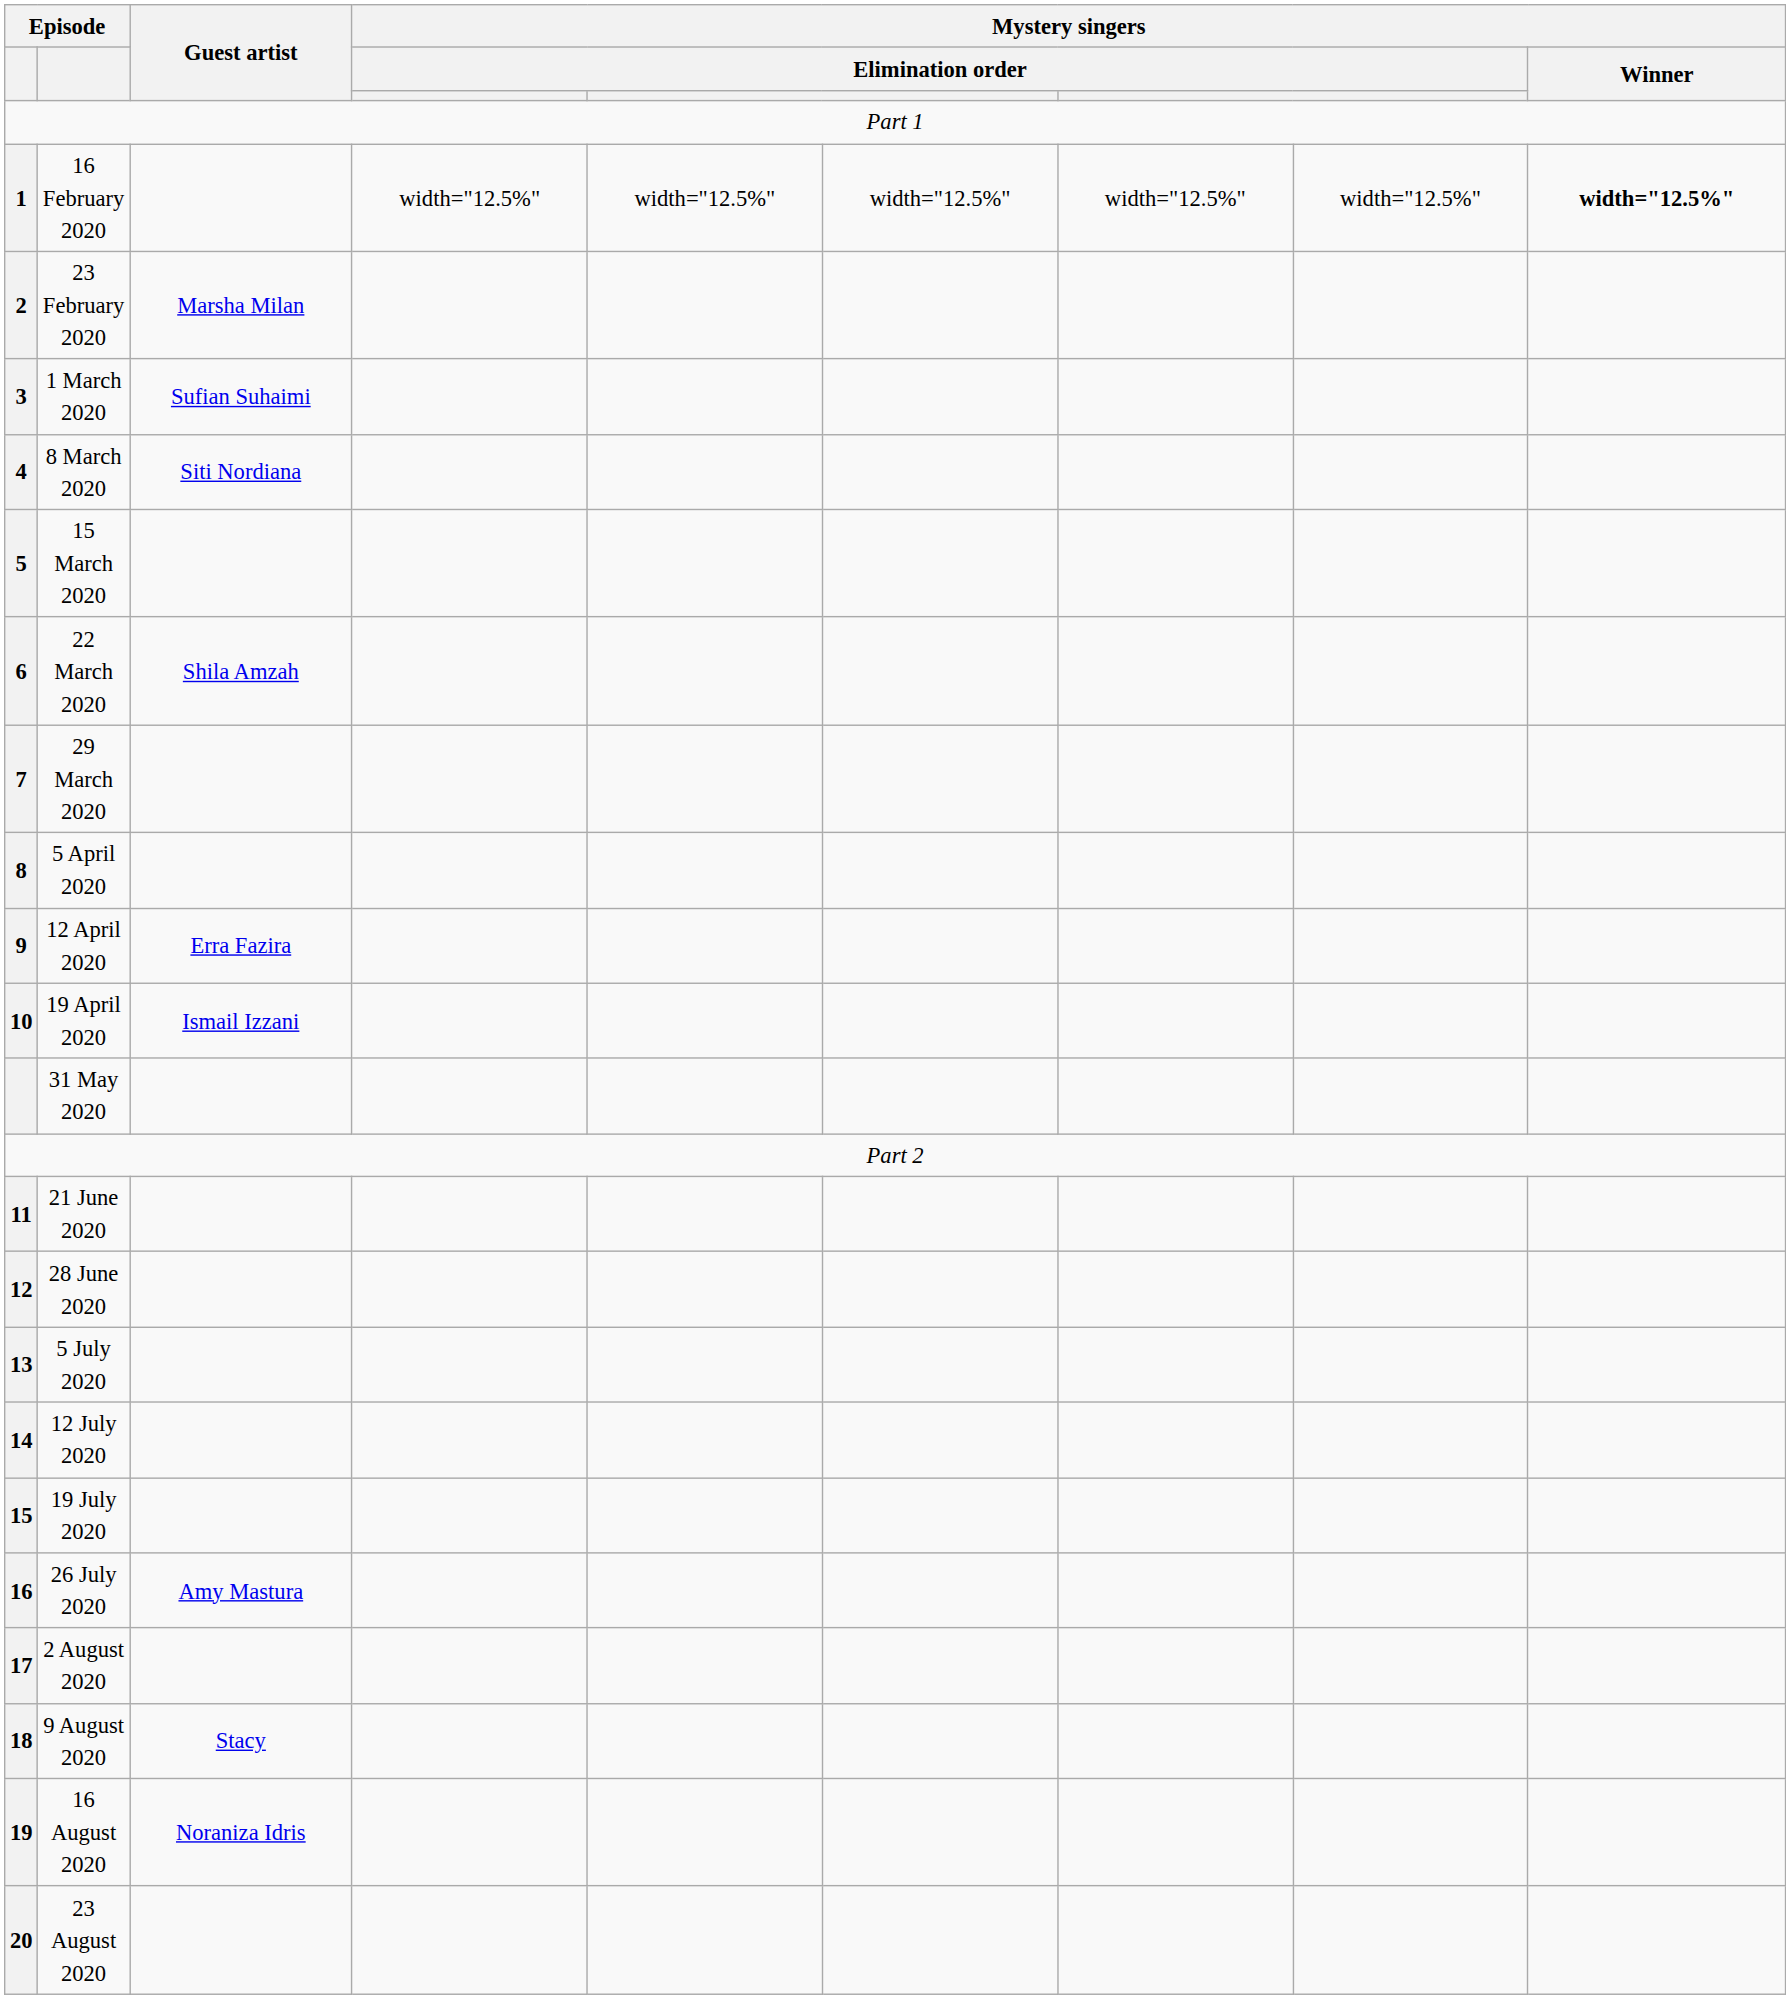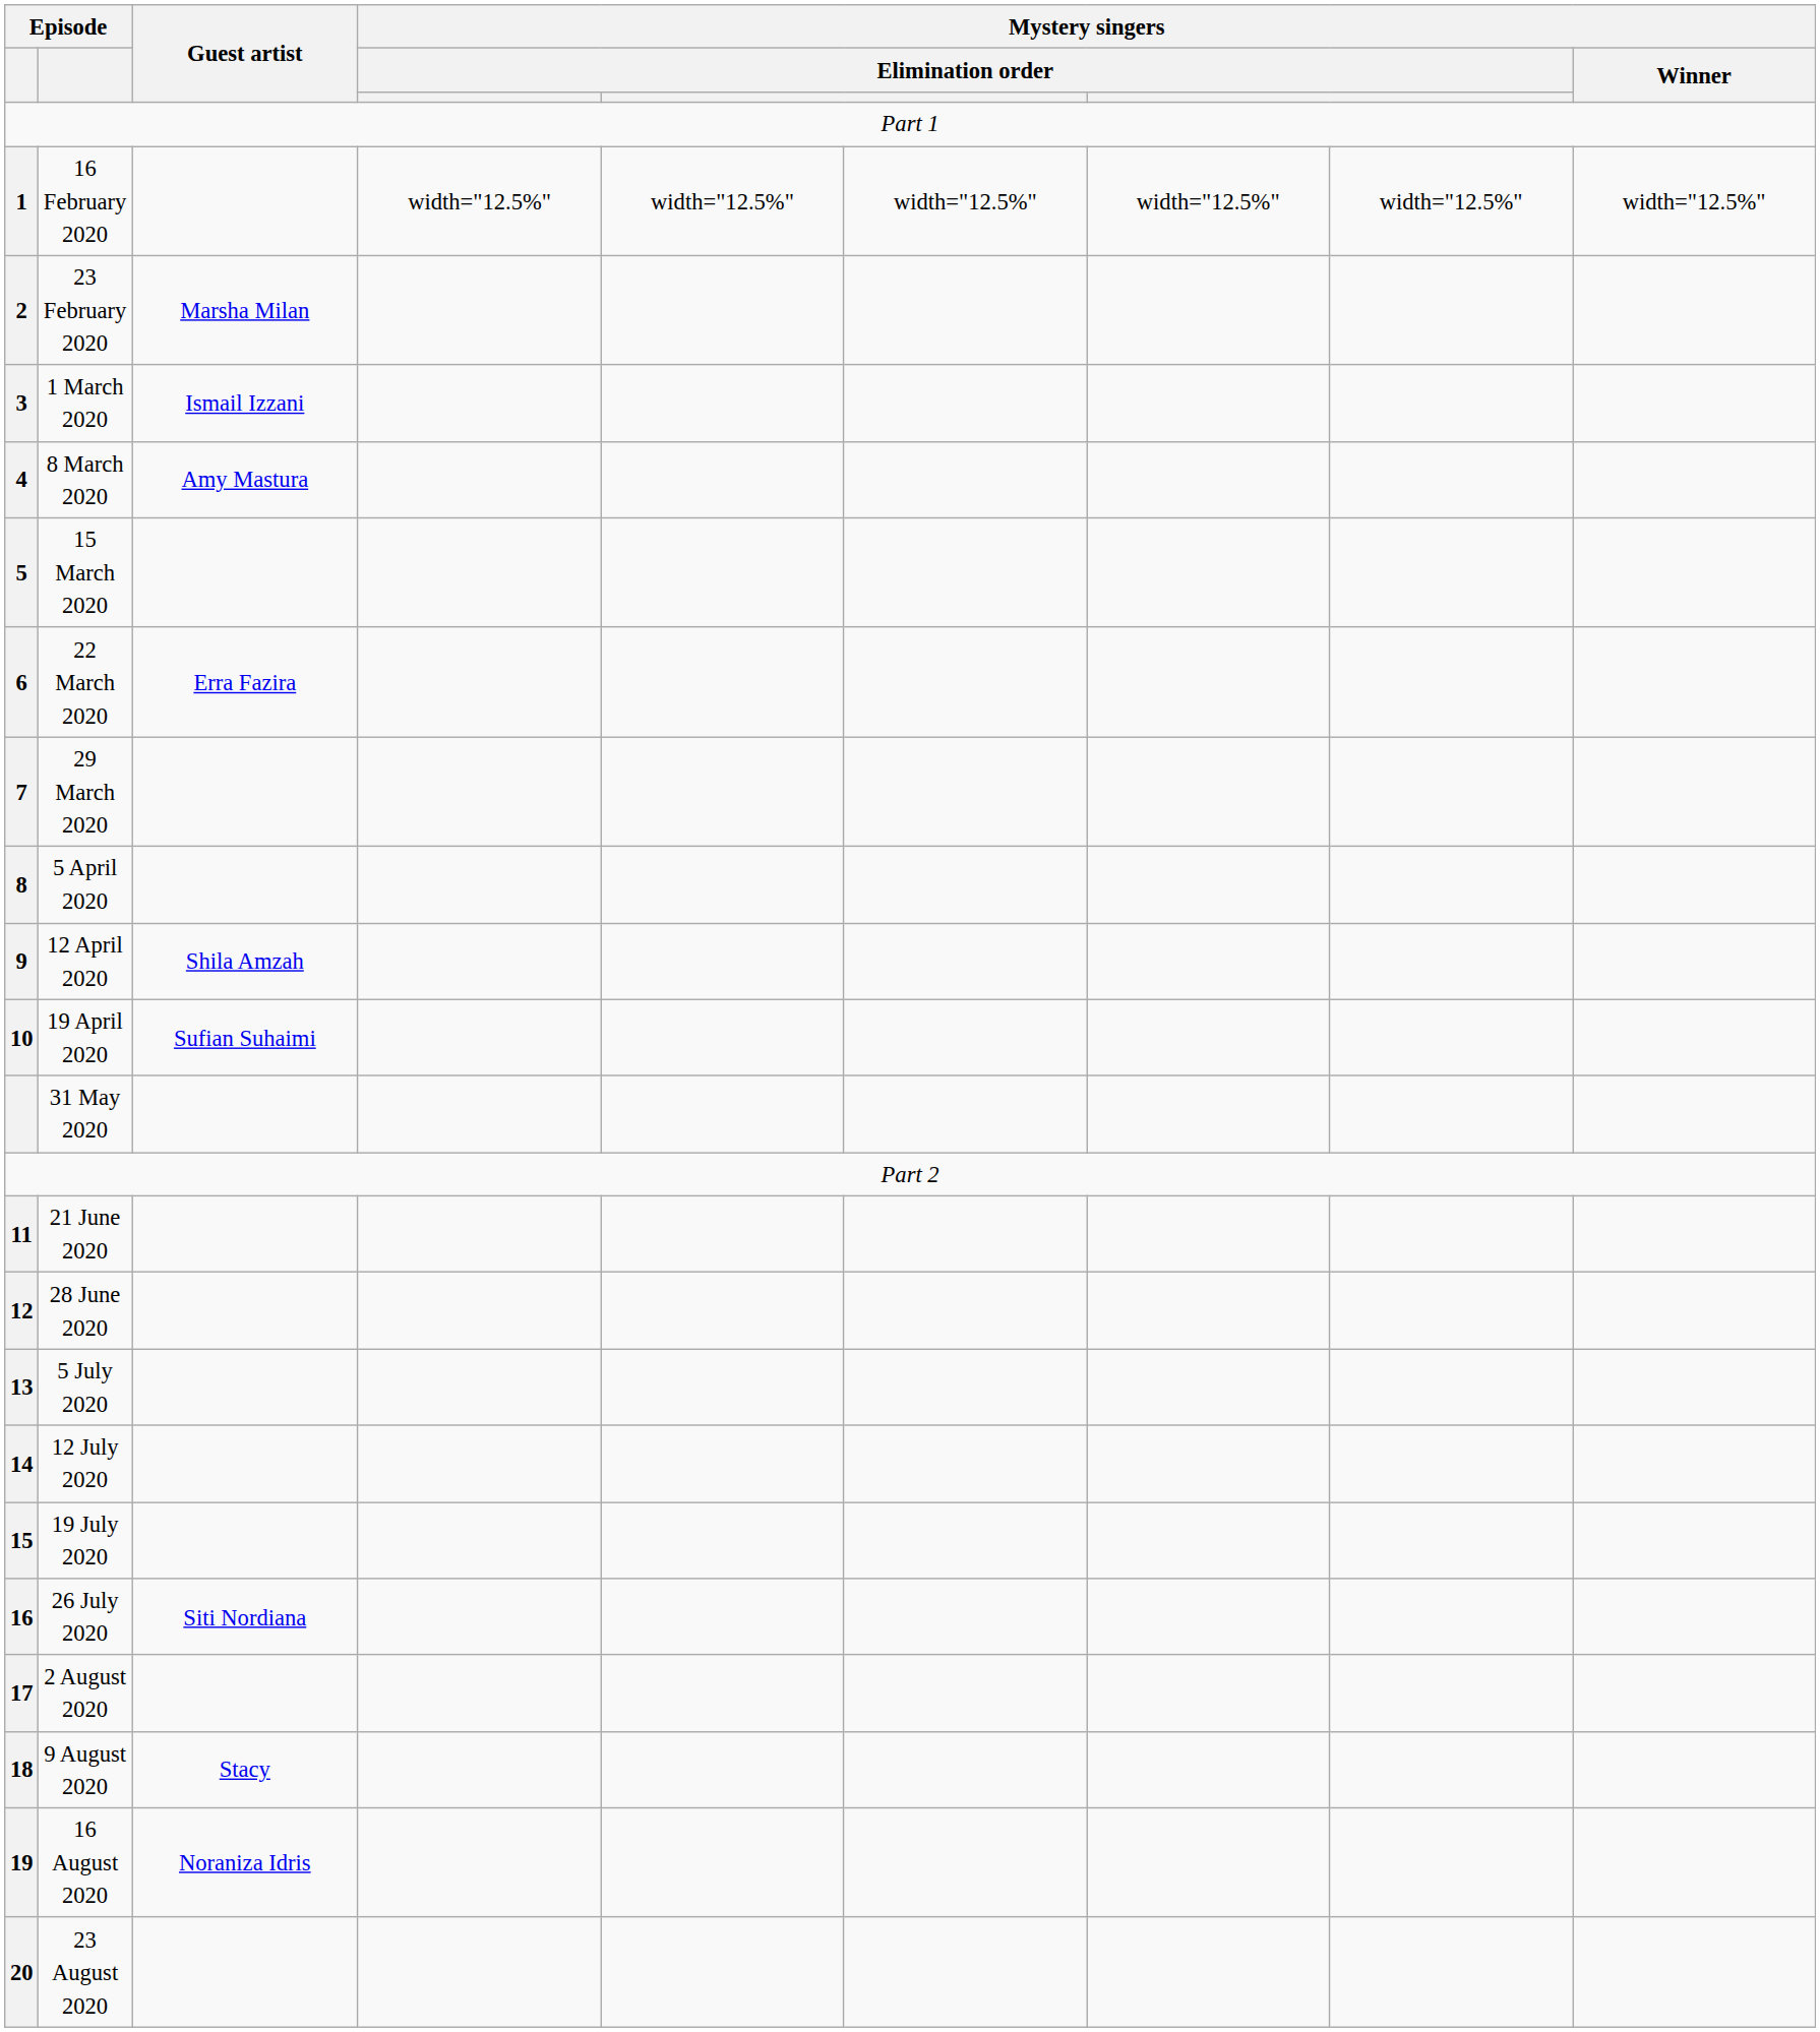 <table class="wikitable plainrowheaders mw-collapsible" style="text-align:center; line-height:23px; width:100%;">
 <tr>
 <th colspan="2" width="1%">Episode</th>
 <th rowspan="3" width="12.5%">Guest artist</th>
 <th colspan="6">Mystery singers<br></th>
 </tr>
 <tr>
 <th rowspan="2"></th>
 <th rowspan="2"></th>
 <th colspan="5">Elimination order</th>
 <th rowspan="2">Winner</th>
 </tr>
 <tr>
 <th></th>
 <th colspan="2"></th>
 <th colspan="2"></th>
 </tr>
 <tr>
 <td colspan="9"><em>Part 1</em></td>
 </tr>
 <tr>
 <th>1</th>
 <td>16 February 2020</td>
 <td><br></td>
 <td>width="12.5%" </td>
 <td>width="12.5%" </td>
 <td>width="12.5%" </td>
 <td>width="12.5%" </td>
 <td>width="12.5%" </td>
-<td><strong>width="12.5%" </strong></td>
+<td>width="12.5%" </td>
 </tr>
 <tr>
 <th>2</th>
 <td>23 February 2020</td>
 <td><a href='#'>Marsha Milan</a></td>
 <td></td>
 <td></td>
 <td></td>
 <td></td>
 <td></td>
 <td></td>
 </tr>
 <tr>
 <th>3</th>
 <td>1 March 2020</td>
-<td><a href='#'>Sufian Suhaimi</a></td>
+<td><a href='#'>Ismail Izzani</a><br></td>
 <td></td>
 <td></td>
 <td></td>
 <td></td>
 <td></td>
 <td></td>
 </tr>
 <tr>
 <th>4</th>
 <td>8 March 2020</td>
-<td><a href='#'>Siti Nordiana</a><br></td>
+<td><a href='#'>Amy Mastura</a><br></td>
 <td></td>
 <td></td>
 <td></td>
 <td></td>
 <td></td>
 <td></td>
 </tr>
 <tr>
 <th>5</th>
 <td>15 March 2020</td>
 <td></td>
 <td></td>
 <td></td>
 <td></td>
 <td></td>
 <td></td>
 <td></td>
 </tr>
 <tr>
 <th>6</th>
 <td>22 March 2020</td>
-<td><a href='#'>Shila Amzah</a></td>
+<td><a href='#'>Erra Fazira</a><br></td>
 <td></td>
 <td></td>
 <td></td>
 <td></td>
 <td></td>
 <td></td>
 </tr>
 <tr>
 <th>7</th>
 <td>29 March 2020</td>
 <td><br></td>
 <td></td>
 <td></td>
 <td></td>
 <td></td>
 <td></td>
 <td></td>
 </tr>
 <tr>
 <th>8</th>
 <td>5 April 2020</td>
 <td><br><br></td>
 <td></td>
 <td></td>
 <td></td>
 <td></td>
 <td></td>
 <td></td>
 </tr>
 <tr>
 <th>9</th>
 <td>12 April 2020</td>
-<td><a href='#'>Erra Fazira</a><br></td>
+<td><a href='#'>Shila Amzah</a></td>
 <td></td>
 <td></td>
 <td></td>
 <td></td>
 <td></td>
 <td></td>
 </tr>
 <tr>
 <th>10</th>
 <td>19 April 2020</td>
-<td><a href='#'>Ismail Izzani</a><br></td>
+<td><a href='#'>Sufian Suhaimi</a></td>
 <td></td>
 <td></td>
 <td></td>
 <td></td>
 <td></td>
 <td></td>
 </tr>
 <tr>
 <th></th>
 <td>31 May 2020</td>
 <td></td>
 <td></td>
 <td></td>
 <td></td>
 <td></td>
 <td></td>
 <td></td>
 </tr>
 <tr>
 <td colspan="9"><em>Part 2</em></td>
 </tr>
 <tr>
 <th>11</th>
 <td>21 June 2020</td>
 <td></td>
 <td></td>
 <td></td>
 <td></td>
 <td></td>
 <td></td>
 <td></td>
 </tr>
 <tr>
 <th>12</th>
 <td>28 June 2020</td>
 <td></td>
 <td></td>
 <td></td>
 <td></td>
 <td></td>
 <td></td>
 <td></td>
 </tr>
 <tr>
 <th>13</th>
 <td>5 July 2020</td>
 <td><br><br></td>
 <td></td>
 <td></td>
 <td></td>
 <td></td>
 <td></td>
 <td></td>
 </tr>
 <tr>
 <th>14</th>
 <td>12 July 2020</td>
 <td></td>
 <td></td>
 <td></td>
 <td></td>
 <td></td>
 <td></td>
 <td></td>
 </tr>
 <tr>
 <th>15</th>
 <td>19 July 2020</td>
 <td></td>
 <td></td>
 <td></td>
 <td></td>
 <td></td>
 <td></td>
 <td></td>
 </tr>
 <tr>
 <th>16</th>
 <td>26 July 2020</td>
-<td><a href='#'>Amy Mastura</a><br></td>
+<td><a href='#'>Siti Nordiana</a><br></td>
 <td></td>
 <td></td>
 <td></td>
 <td></td>
 <td></td>
 <td></td>
 </tr>
 <tr>
 <th>17</th>
 <td>2 August 2020</td>
 <td></td>
 <td></td>
 <td></td>
 <td></td>
 <td></td>
 <td></td>
 <td></td>
 </tr>
 <tr>
 <th>18</th>
 <td>9 August 2020</td>
 <td><a href='#'>Stacy</a></td>
 <td></td>
 <td></td>
 <td></td>
 <td></td>
 <td></td>
 <td></td>
 </tr>
 <tr>
 <th>19</th>
 <td>16 August 2020</td>
 <td><a href='#'>Noraniza Idris</a></td>
 <td></td>
 <td></td>
 <td></td>
 <td></td>
 <td></td>
 <td></td>
 </tr>
 <tr>
 <th>20</th>
 <td>23 August 2020</td>
 <td><br></td>
 <td></td>
 <td></td>
 <td></td>
 <td></td>
 <td></td>
 <td></td>
 </tr>
 </table>
